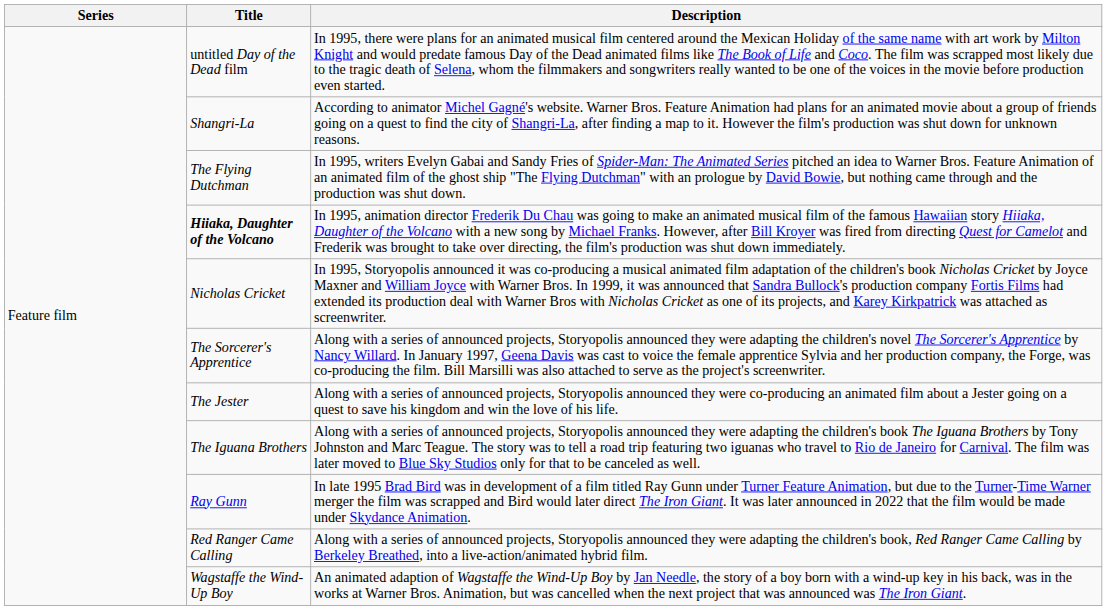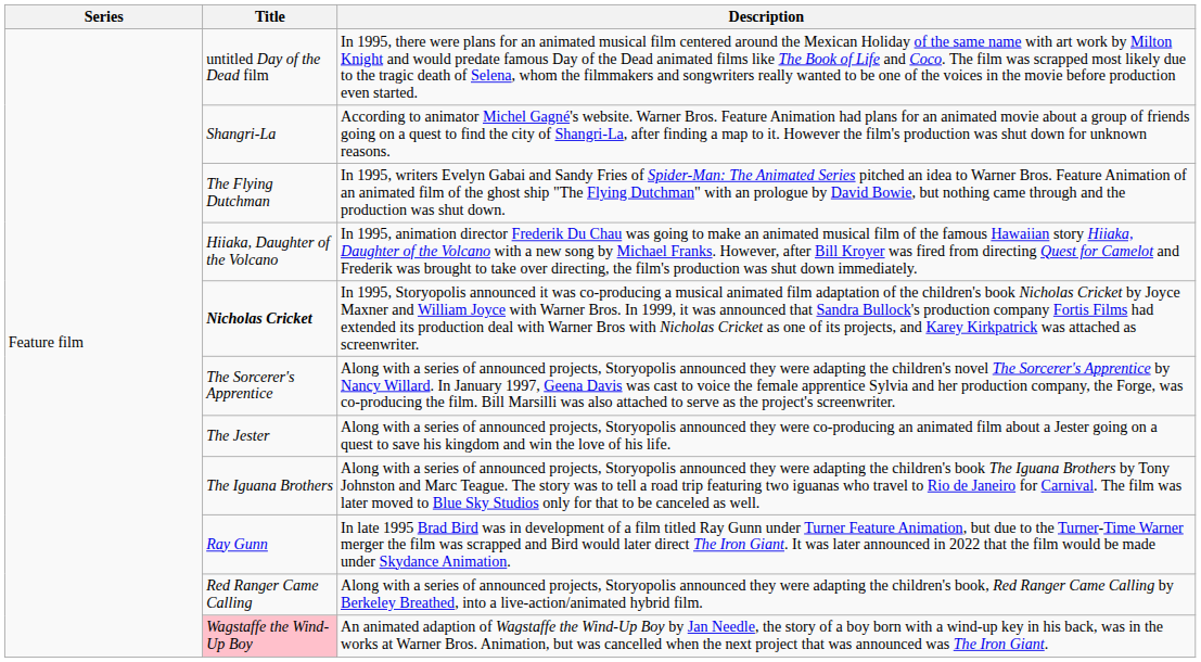 <table class="wikitable">
 <tr>
 <th style="width:150pt;">Series</th>
 <th style="width:100pt;">Title</th>
 <th>Description</th>
 </tr>
 <tr>
 <td rowspan="11">Feature film</td>
 <td>untitled <em>Day of the Dead</em> film</td>
 <td>In 1995, there were plans for an animated musical film centered around the Mexican Holiday <a href='#'>of the same name</a> with art work by <a href='#'>Milton Knight</a> and would predate famous Day of the Dead animated films like <em><a href='#'>The Book of Life</a></em> and <em><a href='#'>Coco</a></em>. The film was scrapped most likely due to the tragic death of <a href='#'>Selena</a>, whom the filmmakers and songwriters really wanted to be one of the voices in the movie before production even started.</td>
 </tr>
 <tr>
 <td><em>Shangri-La</em></td>
 <td>According to animator <a href='#'>Michel Gagné</a>'s website. Warner Bros. Feature Animation had plans for an animated movie about a group of friends going on a quest to find the city of <a href='#'>Shangri-La</a>, after finding a map to it. However the film's production was shut down for unknown reasons.</td>
 </tr>
 <tr>
 <td><em>The Flying Dutchman</em></td>
 <td>In 1995, writers Evelyn Gabai and Sandy Fries of <em><a href='#'>Spider-Man: The Animated Series</a></em> pitched an idea to Warner Bros. Feature Animation of an animated film of the ghost ship "The <a href='#'>Flying Dutchman</a>" with an prologue by <a href='#'>David Bowie</a>, but nothing came through and the production was shut down.</td>
 </tr>
 <tr>
-<td><strong><em>Hiiaka, Daughter of the Volcano</em></strong></td>
+<td><em>Hiiaka, Daughter of the Volcano</em></td>
 <td>In 1995, animation director <a href='#'>Frederik Du Chau</a> was going to make an animated musical film of the famous <a href='#'>Hawaiian</a> story <em><a href='#'>Hiiaka, Daughter of the Volcano</a></em> with a new song by <a href='#'>Michael Franks</a>. However, after <a href='#'>Bill Kroyer</a> was fired from directing <em><a href='#'>Quest for Camelot</a></em> and Frederik was brought to take over directing, the film's production was shut down immediately.</td>
 </tr>
 <tr>
-<td><em>Nicholas Cricket</em></td>
+<td><strong><em>Nicholas Cricket</em></strong></td>
 <td>In 1995, Storyopolis announced it was co-producing a musical animated film adaptation of the children's book <em>Nicholas Cricket</em> by Joyce Maxner and <a href='#'>William Joyce</a> with Warner Bros. In 1999, it was announced that <a href='#'>Sandra Bullock</a>'s production company <a href='#'>Fortis Films</a> had extended its production deal with Warner Bros with <em>Nicholas Cricket</em> as one of its projects, and <a href='#'>Karey Kirkpatrick</a> was attached as screenwriter.</td>
 </tr>
 <tr>
 <td><em>The Sorcerer's Apprentice</em></td>
 <td>Along with a series of announced projects, Storyopolis announced they were adapting the children's novel <em><a href='#'>The Sorcerer's Apprentice</a></em> by <a href='#'>Nancy Willard</a>. In January 1997, <a href='#'>Geena Davis</a> was cast to voice the female apprentice Sylvia and her production company, the Forge, was co-producing the film. Bill Marsilli was also attached to serve as the project's screenwriter.</td>
 </tr>
 <tr>
 <td><em>The Jester</em></td>
 <td>Along with a series of announced projects, Storyopolis announced they were co-producing an animated film about a Jester going on a quest to save his kingdom and win the love of his life.</td>
 </tr>
 <tr>
 <td><em>The Iguana Brothers</em></td>
 <td>Along with a series of announced projects, Storyopolis announced they were adapting the children's book <em>The Iguana Brothers</em> by Tony Johnston and Marc Teague. The story was to tell a road trip featuring two iguanas who travel to <a href='#'>Rio de Janeiro</a> for <a href='#'>Carnival</a>. The film was later moved to <a href='#'>Blue Sky Studios</a> only for that to be canceled as well.</td>
 </tr>
 <tr>
 <td><em><a href='#'>Ray Gunn</a></em></td>
 <td>In late 1995 <a href='#'>Brad Bird</a> was in development of a film titled Ray Gunn under <a href='#'>Turner Feature Animation</a>, but due to the <a href='#'>Turner</a>-<a href='#'>Time Warner</a> merger the film was scrapped and Bird would later direct <em><a href='#'>The Iron Giant</a></em>. It was later announced in 2022 that the film would be made under <a href='#'>Skydance Animation</a>.</td>
 </tr>
 <tr>
 <td><em>Red Ranger Came Calling</em></td>
 <td>Along with a series of announced projects, Storyopolis announced they were adapting the children's book, <em>Red Ranger Came Calling</em> by <a href='#'>Berkeley Breathed</a>, into a live-action/animated hybrid film.</td>
 </tr>
 <tr>
-<td><em>Wagstaffe the Wind-Up Boy</em></td>
+<td style="background: pink;"><em>Wagstaffe the Wind-Up Boy</em></td>
 <td>An animated adaption of <em>Wagstaffe the Wind-Up Boy</em> by <a href='#'>Jan Needle</a>, the story of a boy born with a wind-up key in his back, was in the works at Warner Bros. Animation, but was cancelled when the next project that was announced was <em><a href='#'>The Iron Giant</a></em>.</td>
 </tr>
 </table>
